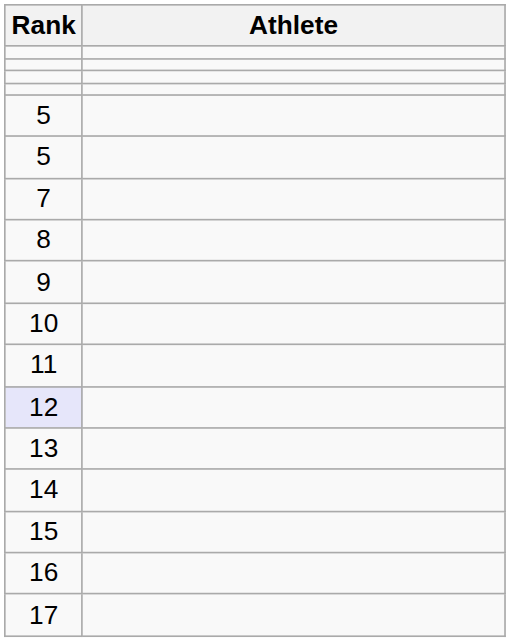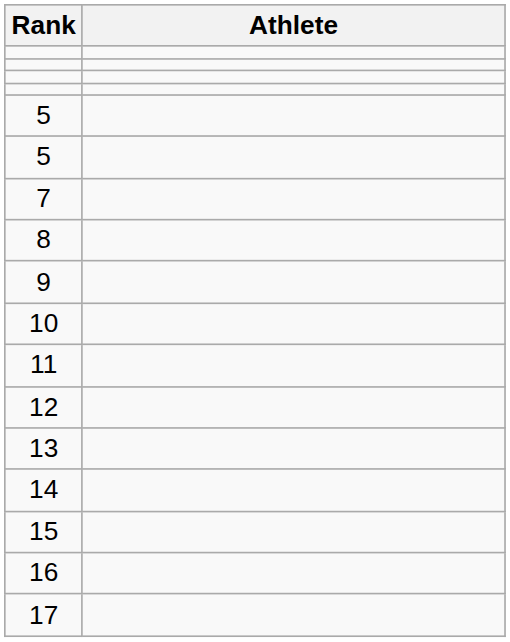 <table class="wikitable" style="text-align: center;">
 <tr>
 <th width=40>Rank</th>
 <th width=250>Athlete</th>
 </tr>
 <tr>
 <td></td>
 <td align="left"></td>
 </tr>
 <tr>
 <td></td>
 <td align="left"></td>
 </tr>
 <tr>
 <td></td>
 <td align="left"></td>
 </tr>
 <tr>
 <td></td>
 <td align="left"></td>
 </tr>
 <tr>
 <td>5</td>
 <td align="left"></td>
 </tr>
 <tr>
 <td>5</td>
 <td align="left"></td>
 </tr>
 <tr>
 <td>7</td>
 <td align="left"></td>
 </tr>
 <tr>
 <td>8</td>
 <td align="left"></td>
 </tr>
 <tr>
 <td>9</td>
 <td align="left"></td>
 </tr>
 <tr>
 <td>10</td>
 <td align="left"></td>
 </tr>
 <tr>
 <td>11</td>
 <td align="left"></td>
 </tr>
 <tr>
-<td style="background: lavender;">12</td>
+<td>12</td>
 <td align="left"></td>
 </tr>
 <tr>
 <td>13</td>
 <td align="left"></td>
 </tr>
 <tr>
 <td>14</td>
 <td align="left"></td>
 </tr>
 <tr>
 <td>15</td>
 <td align="left"></td>
 </tr>
 <tr>
 <td>16</td>
 <td align="left"></td>
 </tr>
 <tr>
 <td>17</td>
 <td align="left"></td>
 </tr>
 </table>
